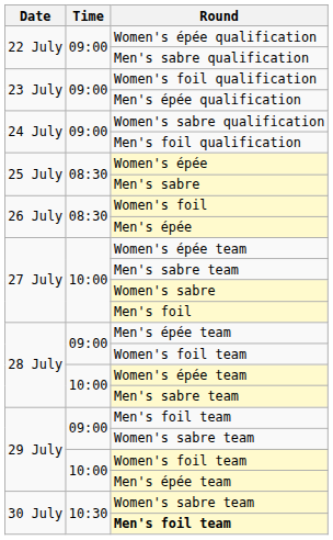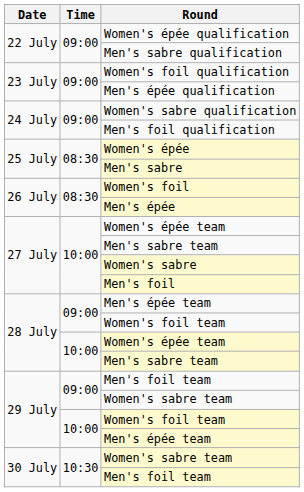 <table class="wikitable">
 <tr>
 <th>Date</th>
 <th>Time</th>
 <th>Round</th>
 </tr>
 <tr>
 <td rowspan=2>22 July</td>
 <td rowspan=2>09:00</td>
 <td>Women's épée qualification</td>
 </tr>
 <tr>
 <td>Men's sabre qualification</td>
 </tr>
 <tr>
 <td rowspan=2>23 July</td>
 <td rowspan=2>09:00</td>
 <td>Women's foil qualification</td>
 </tr>
 <tr>
 <td>Men's épée qualification</td>
 </tr>
 <tr>
 <td rowspan=2>24 July</td>
 <td rowspan=2>09:00</td>
 <td>Women's sabre qualification</td>
 </tr>
 <tr>
 <td>Men's foil qualification</td>
 </tr>
 <tr>
 <td rowspan=2>25 July</td>
 <td rowspan=2>08:30</td>
 <td bgcolor=lemonchiffon>Women's épée</td>
 </tr>
 <tr>
 <td bgcolor=lemonchiffon>Men's sabre</td>
 </tr>
 <tr>
 <td rowspan=2>26 July</td>
 <td rowspan=2>08:30</td>
 <td bgcolor=lemonchiffon>Women's foil</td>
 </tr>
 <tr>
 <td bgcolor=lemonchiffon>Men's épée</td>
 </tr>
 <tr>
 <td rowspan=4>27 July</td>
 <td rowspan=4>10:00</td>
 <td>Women's épée team</td>
 </tr>
 <tr>
 <td>Men's sabre team</td>
 </tr>
 <tr>
 <td bgcolor=lemonchiffon>Women's sabre</td>
 </tr>
 <tr>
 <td bgcolor=lemonchiffon>Men's foil</td>
 </tr>
 <tr>
 <td rowspan=4>28 July</td>
 <td rowspan=2>09:00</td>
 <td>Men's épée team</td>
 </tr>
 <tr>
 <td>Women's foil team</td>
 </tr>
 <tr>
 <td rowspan=2>10:00</td>
 <td bgcolor=lemonchiffon>Women's épée team</td>
 </tr>
 <tr>
 <td bgcolor=lemonchiffon>Men's sabre team</td>
 </tr>
 <tr>
 <td rowspan=4>29 July</td>
 <td rowspan=2>09:00</td>
 <td>Men's foil team</td>
 </tr>
 <tr>
 <td>Women's sabre team</td>
 </tr>
 <tr>
 <td rowspan=2>10:00</td>
 <td bgcolor=lemonchiffon>Women's foil team</td>
 </tr>
 <tr>
 <td bgcolor=lemonchiffon>Men's épée team</td>
 </tr>
 <tr>
 <td rowspan=2>30 July</td>
 <td rowspan=2>10:30</td>
 <td bgcolor=lemonchiffon>Women's sabre team</td>
 </tr>
 <tr>
-<td bgcolor=lemonchiffon><strong>Men's foil team</strong></td>
+<td bgcolor=lemonchiffon>Men's foil team</td>
 </tr>
 </table>
